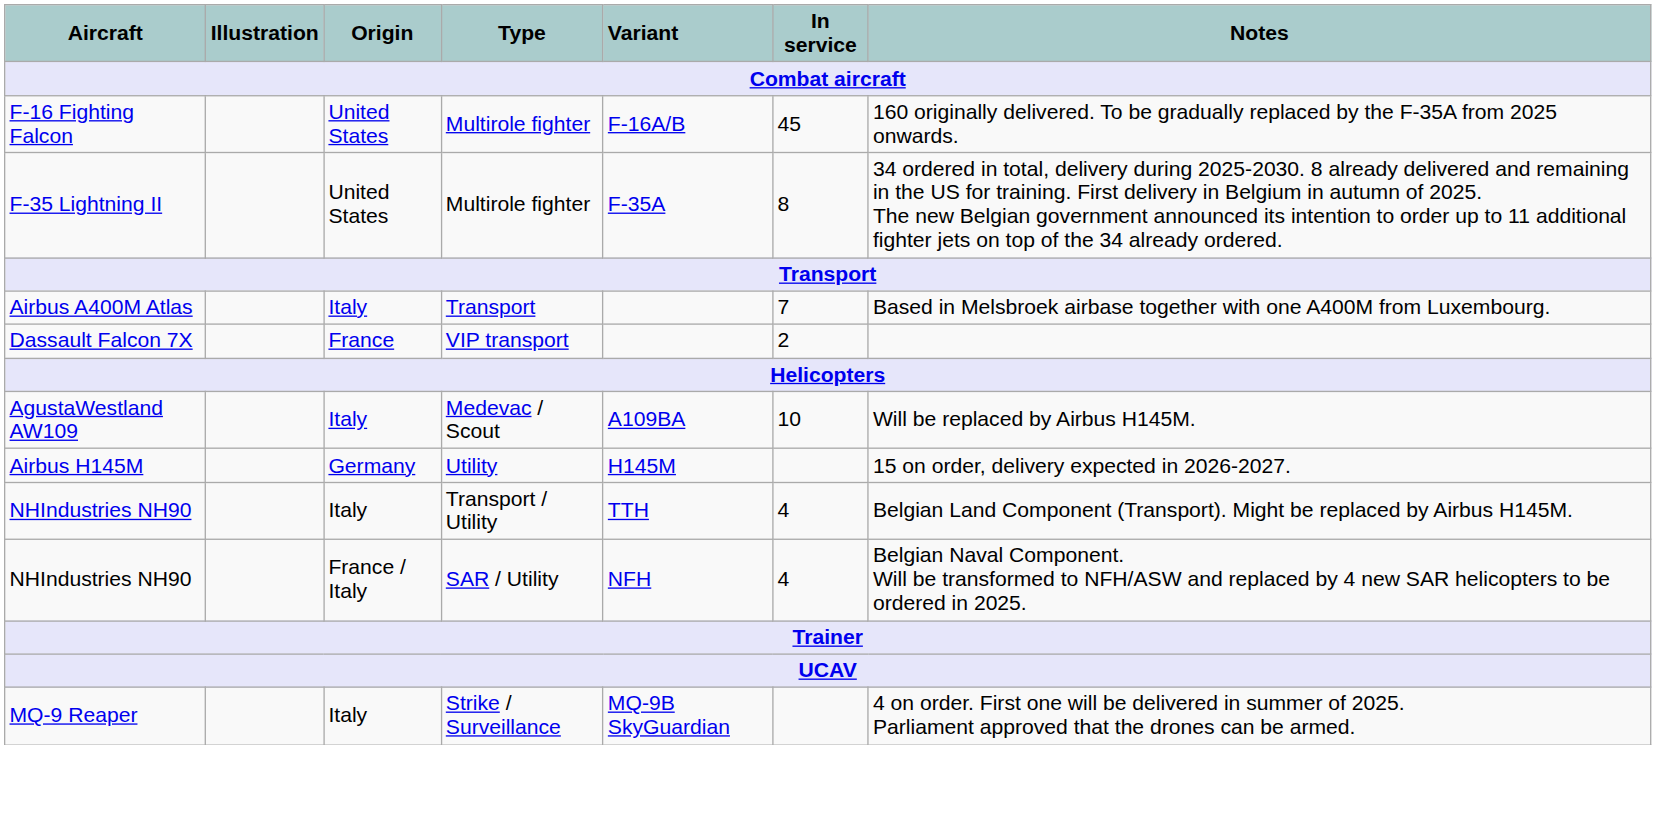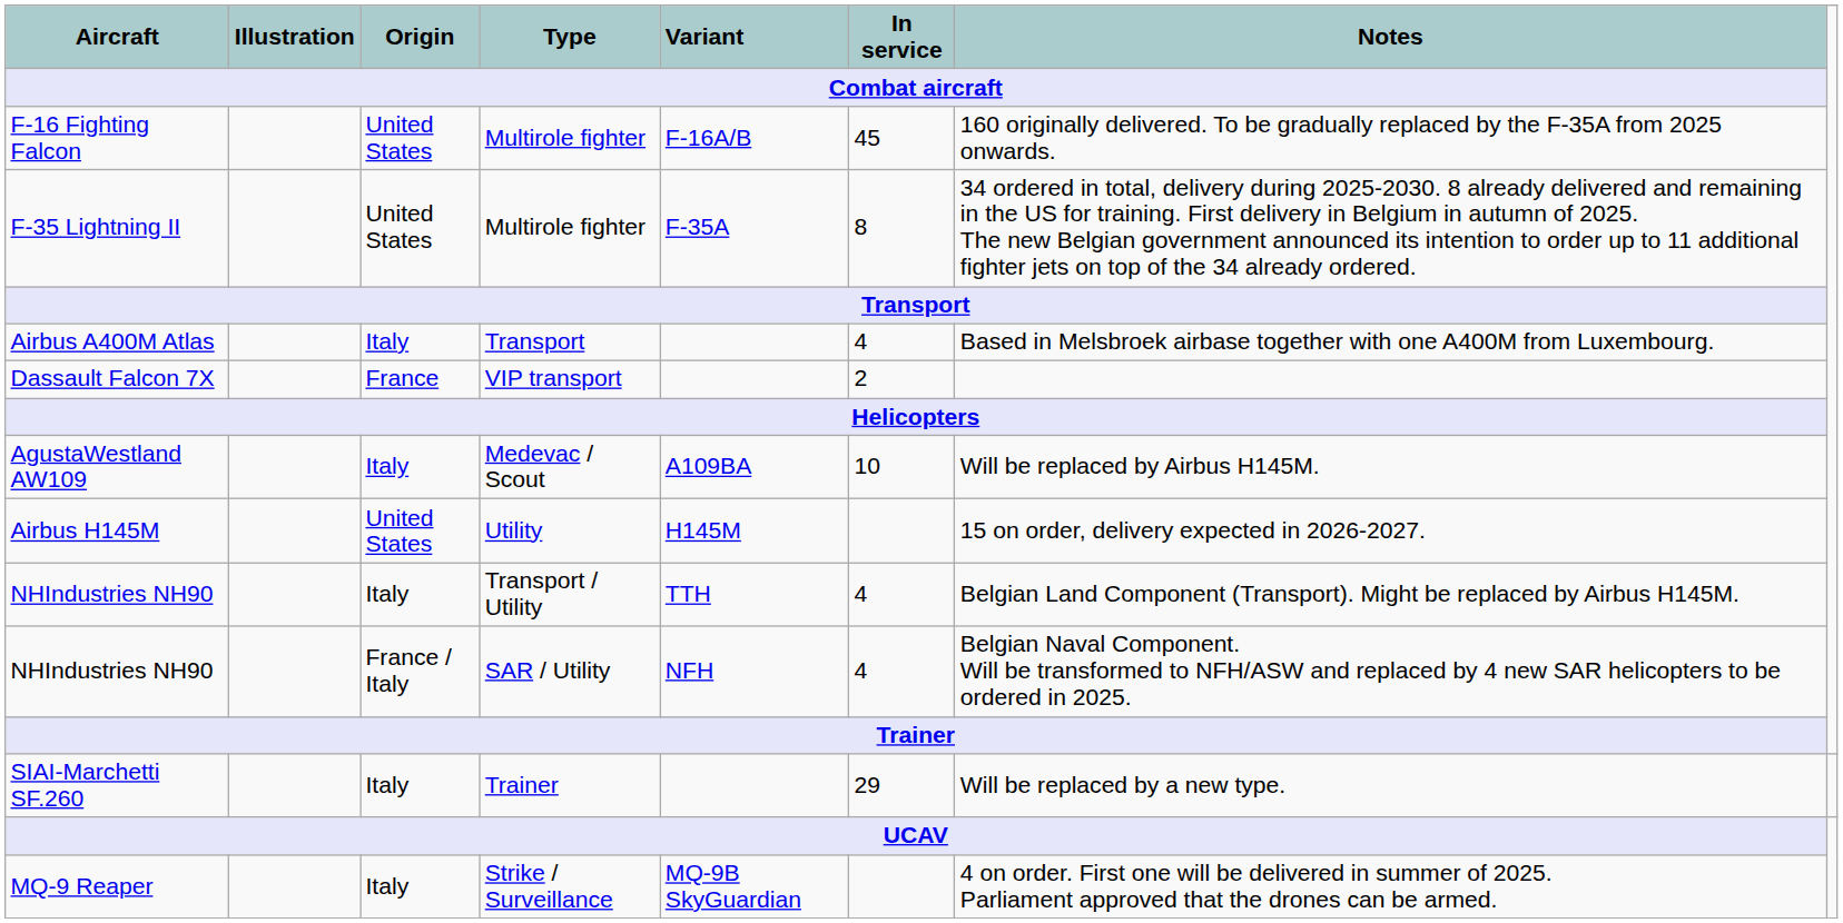 <table class="wikitable">
 <tr>
 <th style="text-align:center; background:#acc;">Aircraft</th>
 <th style="text-align:center; background:#acc;">Illustration</th>
 <th style="text-align: center; background:#acc;">Origin</th>
 <th style="text-align:l center; background:#acc;">Type</th>
 <th style="text-align:left; background:#acc;">Variant</th>
 <th style="text-align:center; background:#acc;">In service</th>
 <th style="text-align: center; background:#acc;">Notes</th>
 </tr>
 <tr>
 <th colspan="7" style="align: center; background: lavender;"><a href='#'>Combat aircraft</a></th>
 </tr>
 <tr>
 <td><a href='#'>F-16 Fighting Falcon</a></td>
 <td></td>
 <td><a href='#'>United States</a></td>
 <td><a href='#'>Multirole fighter</a></td>
 <td><a href='#'>F-16A/B</a></td>
 <td>45</td>
 <td>160 originally delivered. To be gradually replaced by the F-35A from 2025 onwards.</td>
 </tr>
 <tr>
 <td><a href='#'>F-35 Lightning II</a></td>
 <td></td>
 <td>United States</td>
 <td>Multirole fighter</td>
 <td><a href='#'>F-35A</a></td>
 <td>8</td>
 <td>34 ordered in total, delivery during 2025-2030. 8 already delivered and remaining in the US for training. First delivery in Belgium in autumn of 2025.<br>The new Belgian government announced its intention to order up to 11 additional fighter jets on top of the 34 already ordered.</td>
 </tr>
 <tr>
 <th colspan="7" style="align: center; background: lavender;"><a href='#'>Transport</a></th>
 </tr>
 <tr>
 <td><a href='#'>Airbus A400M Atlas</a></td>
 <td></td>
 <td><a href='#'>Italy</a></td>
 <td><a href='#'>Transport</a></td>
 <td></td>
-<td>7</td>
+<td>4</td>
 <td>Based in Melsbroek airbase together with one A400M from Luxembourg.</td>
 </tr>
 <tr>
 <td><a href='#'>Dassault Falcon 7X</a></td>
 <td></td>
 <td><a href='#'>France</a></td>
 <td><a href='#'>VIP transport</a></td>
 <td></td>
 <td>2</td>
 <td></td>
 </tr>
 <tr>
 <th colspan="7" style="align: center; background: lavender;"><a href='#'>Helicopters</a></th>
 </tr>
 <tr>
 <td><a href='#'>AgustaWestland AW109</a></td>
 <td></td>
 <td><a href='#'>Italy</a></td>
 <td><a href='#'>Medevac</a> / Scout</td>
 <td><a href='#'>A109BA</a></td>
 <td>10</td>
 <td>Will be replaced by Airbus H145M.</td>
 </tr>
 <tr>
 <td><a href='#'>Airbus H145M</a></td>
 <td></td>
-<td><a href='#'>Germany</a></td>
+<td><a href='#'>United States</a></td>
 <td><a href='#'>Utility</a></td>
 <td><a href='#'>H145M</a></td>
 <td></td>
 <td>15 on order, delivery expected in 2026-2027.</td>
 </tr>
 <tr>
 <td><a href='#'>NHIndustries NH90</a></td>
 <td></td>
 <td>Italy</td>
 <td>Transport / Utility</td>
 <td><a href='#'>TTH</a></td>
 <td>4</td>
 <td>Belgian Land Component (Transport). Might be replaced by Airbus H145M.</td>
 </tr>
 <tr>
 <td>NHIndustries NH90</td>
 <td></td>
 <td>France / Italy</td>
 <td><a href='#'>SAR</a> / Utility</td>
 <td><a href='#'>NFH</a></td>
 <td>4</td>
 <td>Belgian Naval Component.<br>Will be transformed to NFH/ASW and replaced by 4 new SAR helicopters to be ordered in 2025.</td>
 </tr>
 <tr>
 <th colspan="7" style="align: center; background: lavender;"><a href='#'>Trainer</a></th>
 </tr>
 <tr>
+<td><a href='#'>SIAI-Marchetti SF.260</a></td>
+<td></td>
+<td>Italy</td>
+<td><a href='#'>Trainer</a></td>
+<td></td>
+<td>29</td>
+<td>Will be replaced by a new type.</td>
+<td></td>
+</tr>
+<tr>
 <th colspan="7" style="align: center; background: lavender;"><a href='#'>UCAV</a></th>
 </tr>
 <tr>
 <td><a href='#'>MQ-9 Reaper</a></td>
 <td></td>
 <td>Italy</td>
 <td><a href='#'>Strike</a> / <a href='#'>Surveillance</a></td>
 <td><a href='#'>MQ-9B SkyGuardian</a></td>
 <td></td>
 <td>4 on order. First one will be delivered in summer of 2025.<br>Parliament approved that the drones can be armed.</td>
 </tr>
 </table>
